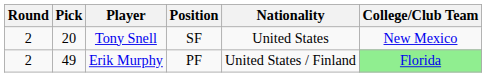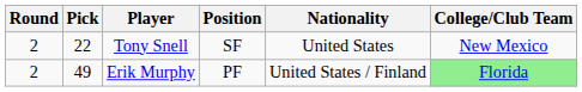 <table class="wikitable sortable sortable">
 <tr>
 <th>Round</th>
 <th>Pick</th>
 <th>Player</th>
 <th>Position</th>
 <th>Nationality</th>
 <th>College/Club Team</th>
 </tr>
 <tr style="text-align: center">
 <td>2</td>
-<td>20</td>
+<td>22</td>
 <td><a href='#'>Tony Snell</a></td>
 <td>SF</td>
 <td>United States</td>
 <td><a href='#'>New Mexico</a></td>
 </tr>
 <tr style="text-align: center">
 <td>2</td>
 <td>49</td>
 <td><a href='#'>Erik Murphy</a></td>
 <td>PF</td>
 <td>United States / Finland</td>
 <td style="background: lightgreen;"><a href='#'>Florida</a></td>
 </tr>
 </table>
